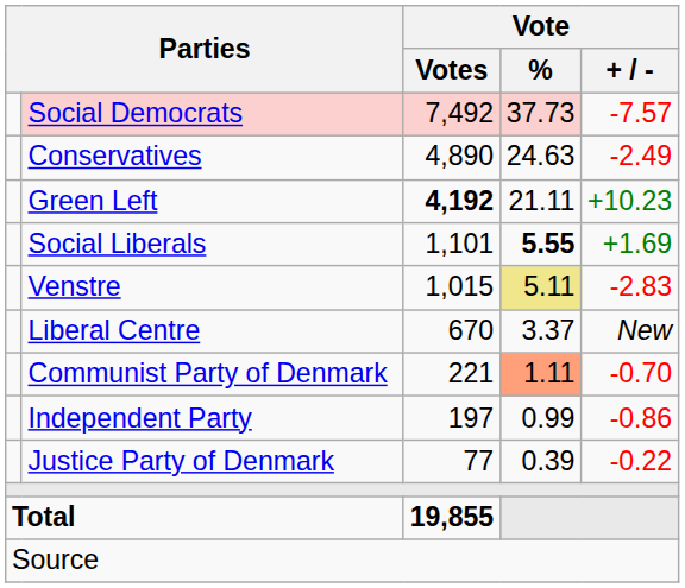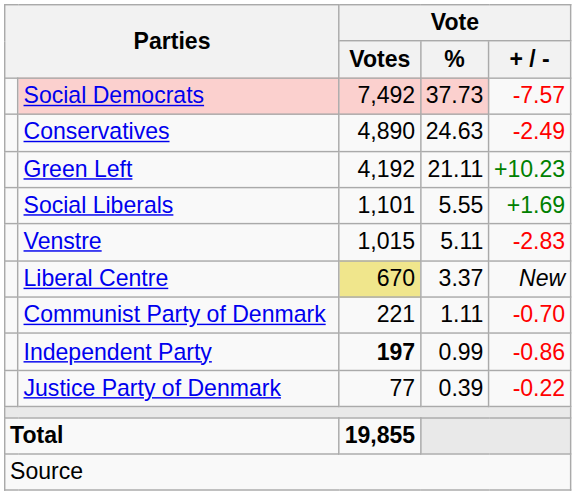 <table class="wikitable" style="text-align:right;">
 <tr>
 <th style="text-align:centre;" rowspan="2" colspan="2" width="225">Parties</th>
 <th colspan="3">Vote</th>
 </tr>
 <tr>
 <th width="15">Votes</th>
 <th width="15">%</th>
 <th width="15">+ / -</th>
 </tr>
 <tr>
 <td width="2" style="color:inherit;background:"></td>
 <td bgcolor=#fbd0ce  align="left"><a href='#'>Social Democrats</a></td>
 <td bgcolor=#fbd0ce>7,492</td>
 <td bgcolor=#fbd0ce>37.73</td>
 <td style=color:red;>-7.57</td>
 </tr>
 <tr>
 <td width="2" style="color:inherit;background:"></td>
 <td align="left"><a href='#'>Conservatives</a></td>
 <td>4,890</td>
 <td>24.63</td>
 <td style=color:red;>-2.49</td>
 </tr>
 <tr>
 <td width="2" style="color:inherit;background:"></td>
 <td align="left"><a href='#'>Green Left</a></td>
-<td><strong>4,192</strong></td>
+<td>4,192</td>
 <td>21.11</td>
 <td style=color:green;>+10.23</td>
 </tr>
 <tr>
 <td width="2" style="color:inherit;background:"></td>
 <td align="left"><a href='#'>Social Liberals</a></td>
 <td>1,101</td>
-<td><strong>5.55</strong></td>
+<td>5.55</td>
 <td style=color:green;>+1.69</td>
 </tr>
 <tr>
 <td width="2" style="color:inherit;background:"></td>
 <td align="left"><a href='#'>Venstre</a></td>
 <td>1,015</td>
-<td style="background: khaki;">5.11</td>
+<td>5.11</td>
 <td style=color:red;>-2.83</td>
 </tr>
 <tr>
 <td width="2" style="color:inherit;background:"></td>
 <td align="left"><a href='#'>Liberal Centre</a></td>
-<td>670</td>
+<td style="background: khaki;">670</td>
 <td>3.37</td>
 <td><em>New</em></td>
 </tr>
 <tr>
 <td width="2" style="color:inherit;background:"></td>
 <td align="left"><a href='#'>Communist Party of Denmark</a></td>
 <td>221</td>
-<td style="background: lightsalmon;">1.11</td>
+<td>1.11</td>
 <td style=color:red;>-0.70</td>
 </tr>
 <tr>
 <td width="2" style="color:inherit;background:"></td>
 <td align="left"><a href='#'>Independent Party</a></td>
-<td>197</td>
+<td><strong>197</strong></td>
 <td>0.99</td>
 <td style=color:red;>-0.86</td>
 </tr>
 <tr>
 <td width="2" style="color:inherit;background:"></td>
 <td align="left"><a href='#'>Justice Party of Denmark</a></td>
 <td>77</td>
 <td>0.39</td>
 <td style=color:red;>-0.22</td>
 </tr>
 <tr>
 <td colspan="7" bgcolor="#E9E9E9"></td>
 </tr>
 <tr>
 <td align="left" colspan="2"><strong>Total</strong></td>
 <td><strong>19,855</strong></td>
 <td bgcolor="#E9E9E9" colspan="2"></td>
 </tr>
 <tr>
 <td align="left" colspan="6">Source</td>
 </tr>
 </table>
